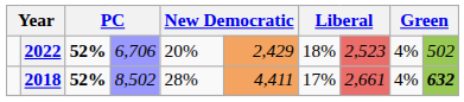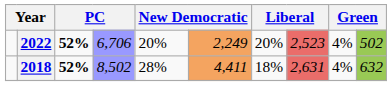 <table class="wikitable" style="width:400; font-size:90%; margin-left:1em;">
 <tr>
 <th colspan="2" scope="col">Year</th>
 <th colspan="2" scope="col"><a href='#'>PC</a></th>
 <th colspan="2" scope="col"><a href='#'>New Democratic</a></th>
 <th colspan="2" scope="col"><a href='#'>Liberal</a></th>
 <th colspan="2" scope="col"><a href='#'>Green</a></th>
 </tr>
 <tr>
 <td style="width: 0.25em; background-color: "></td>
 <th><a href='#'>2022</a></th>
 <td><strong>52%</strong></td>
 <td style="text-align:right; background:#9999FF;"><em>6,706</em></td>
 <td>20%</td>
-<td style="text-align:right; background:#F4A460;"><em>2,429</em></td>
-<td>18%</td>
+<td style="text-align:right; background:#F4A460;"><em>2,249</em></td>
+<td>20%</td>
 <td style="text-align:right; background:#EA6D6A;"><em>2,523</em></td>
 <td>4%</td>
 <td style="text-align:right; background:#99C955;"><em>502</em></td>
 </tr>
 <tr>
 <td style="width: 0.25em; background-color: "></td>
 <th><a href='#'>2018</a></th>
 <td><strong>52%</strong></td>
 <td style="text-align:right; background:#9999FF;"><em>8,502</em></td>
 <td>28%</td>
 <td style="text-align:right; background:#F4A460;"><em>4,411</em></td>
-<td>17%</td>
-<td style="text-align:right; background:#EA6D6A;"><em>2,661</em></td>
+<td>18%</td>
+<td style="text-align:right; background:#EA6D6A;"><em>2,631</em></td>
 <td>4%</td>
-<td style="text-align:right; background:#99C955;"><strong><em>632</em></strong></td>
+<td style="text-align:right; background:#99C955;"><em>632</em></td>
 </tr>
 <tr>
 </tr>
 </table>
